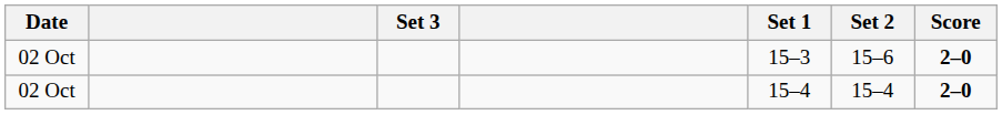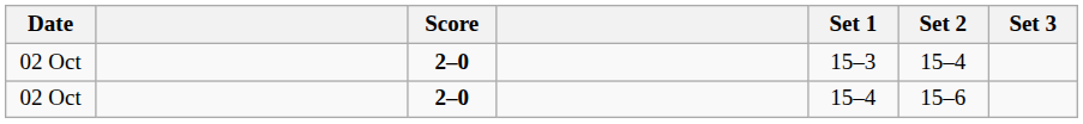 <table class="wikitable" style="text-align: center; font-size:90% ">
 <tr>
 <th width="50">Date</th>
 <th align="right" width="190"></th>
-<th width="50">Set 3</th>
+<th width="50">Score</th>
 <th align="left" width="190"></th>
 <th width="50">Set 1</th>
 <th width="50">Set 2</th>
-<th width="50">Score</th>
+<th width="50">Set 3</th>
 </tr>
 <tr>
 <td>02 Oct</td>
 <td align=right><strong></strong></td>
-<td></td>
+<td align=center><strong>2–0</strong></td>
 <td align=left></td>
 <td>15–3</td>
-<td>15–6</td>
-<td align=center><strong>2–0</strong></td>
+<td>15–4</td>
+<td></td>
 </tr>
 <tr>
 <td>02 Oct</td>
 <td align=right><strong></strong></td>
-<td></td>
+<td align=center><strong>2–0</strong></td>
 <td align=left></td>
 <td>15–4</td>
-<td>15–4</td>
-<td align=center><strong>2–0</strong></td>
+<td>15–6</td>
+<td></td>
 </tr>
 </table>
